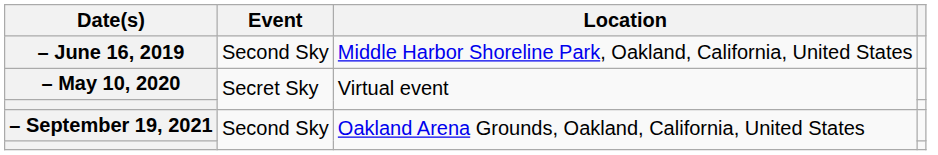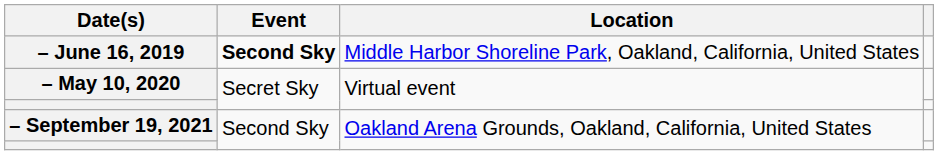 <table class="wikitable sortable plain-row-headers">
 <tr>
 <th scope="col">Date(s)</th>
 <th scope="col">Event</th>
 <th scope="col">Location</th>
 <th scope="col" class="unsortable"></th>
 </tr>
 <tr>
 <th scope="row"> – June 16, 2019</th>
-<td>Second Sky</td>
+<td><strong>Second Sky</strong></td>
 <td><a href='#'>Middle Harbor Shoreline Park</a>, Oakland, California, United States</td>
 <td style="text-align: center;"></td>
 </tr>
 <tr>
 <th scope="row"> – May 10, 2020</th>
 <td rowspan="2">Secret Sky</td>
 <td rowspan="2">Virtual event</td>
 <td style="text-align: center;"></td>
 </tr>
 <tr>
 <th scope="row"></th>
 <td style="text-align: center;"></td>
 </tr>
 <tr>
 <th scope="row"> – September 19, 2021</th>
 <td rowspan="2">Second Sky</td>
 <td rowspan="2"><a href='#'>Oakland Arena</a> Grounds, Oakland, California, United States</td>
 <td style="text-align: center;"></td>
 </tr>
 <tr>
 <th scope="row"></th>
 <td style="text-align: center;"></td>
 </tr>
 </table>
